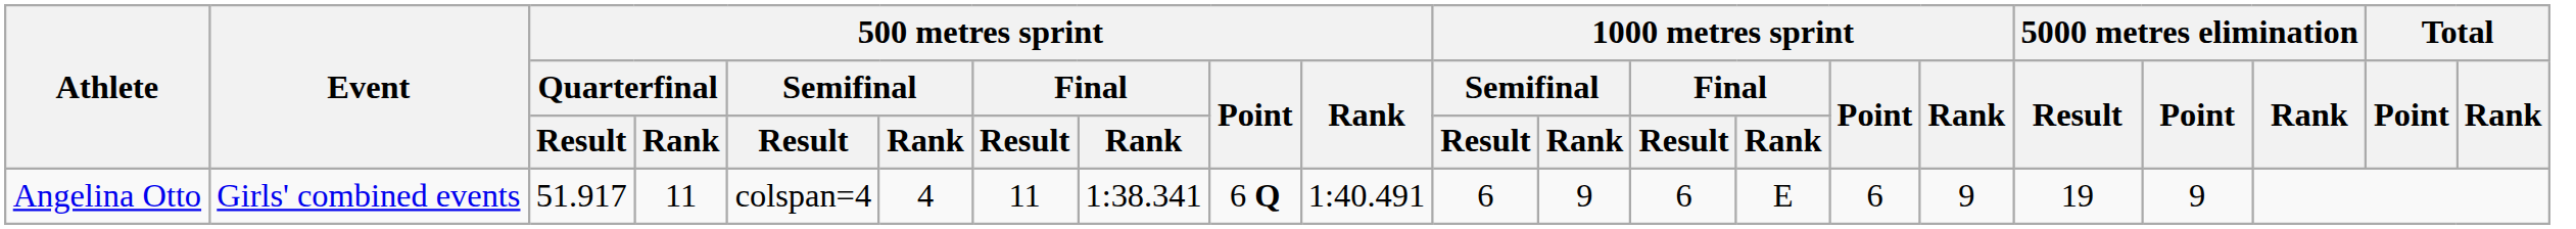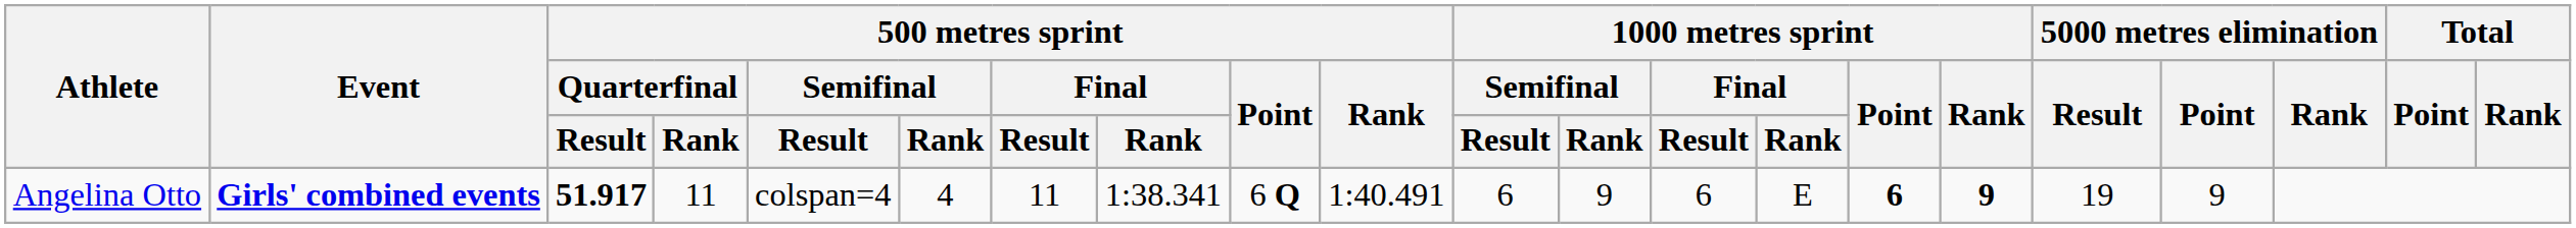 <table class=wikitable style=font-size:90%;text-align:center>
 <tr>
 <th rowspan=3>Athlete</th>
 <th rowspan=3>Event</th>
 <th colspan=8>500 metres sprint</th>
 <th colspan=6>1000 metres sprint</th>
 <th colspan=3>5000 metres elimination</th>
 <th colspan=2>Total</th>
 </tr>
 <tr>
 <th colspan=2>Quarterfinal</th>
 <th colspan=2>Semifinal</th>
 <th colspan=2>Final</th>
 <th rowspan=2>Point</th>
 <th rowspan=2>Rank</th>
 <th colspan=2>Semifinal</th>
 <th colspan=2>Final</th>
 <th rowspan=2>Point</th>
 <th rowspan=2>Rank</th>
 <th rowspan=2>Result</th>
 <th rowspan=2>Point</th>
 <th rowspan=2>Rank</th>
 <th rowspan=2>Point</th>
 <th rowspan=2>Rank</th>
 </tr>
 <tr>
 <th>Result</th>
 <th>Rank</th>
 <th>Result</th>
 <th>Rank</th>
 <th>Result</th>
 <th>Rank</th>
 <th>Result</th>
 <th>Rank</th>
 <th>Result</th>
 <th>Rank</th>
 </tr>
 <tr align=center>
 <td align=left><a href='#'>Angelina Otto</a></td>
-<td align=left><a href='#'>Girls' combined events</a></td>
-<td>51.917</td>
+<td align=left><strong><a href='#'>Girls' combined events</a></strong></td>
+<td><strong>51.917</strong></td>
 <td>11</td>
 <td>colspan=4 </td>
 <td>4</td>
 <td>11</td>
 <td>1:38.341</td>
 <td>6 <strong>Q</strong></td>
 <td>1:40.491</td>
 <td>6</td>
 <td>9</td>
 <td>6</td>
 <td>E</td>
-<td>6</td>
-<td>9</td>
+<td><strong>6</strong></td>
+<td><strong>9</strong></td>
 <td>19</td>
 <td>9</td>
 </tr>
 </table>
